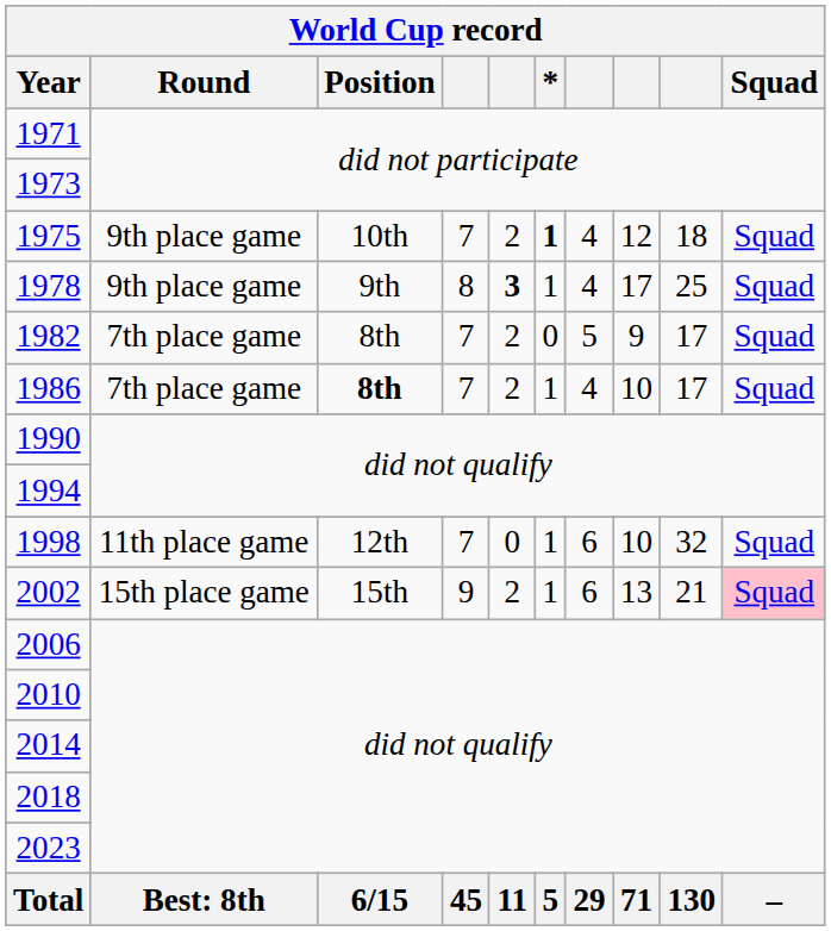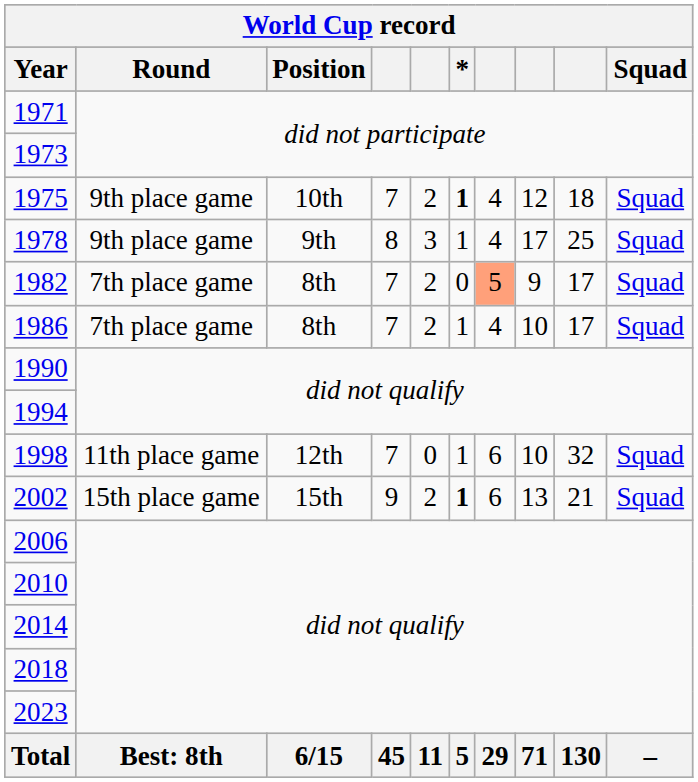 <table class="wikitable" style="text-align: center;">
 <tr>
 <th colspan=10><a href='#'>World Cup</a> record</th>
 </tr>
 <tr>
 <th>Year</th>
 <th>Round</th>
 <th>Position</th>
 <th></th>
 <th></th>
 <th> *</th>
 <th></th>
 <th></th>
 <th></th>
 <th>Squad</th>
 </tr>
 <tr>
 <td> <a href='#'>1971</a></td>
 <td colspan=9 rowspan=2><em>did not participate</em></td>
 </tr>
 <tr>
 <td> <a href='#'>1973</a></td>
 </tr>
 <tr>
 <td> <a href='#'>1975</a></td>
 <td>9th place game</td>
 <td>10th</td>
 <td>7</td>
 <td>2</td>
 <td><strong>1</strong></td>
 <td>4</td>
 <td>12</td>
 <td>18</td>
 <td><a href='#'>Squad</a></td>
 </tr>
 <tr>
 <td> <a href='#'>1978</a></td>
 <td>9th place game</td>
 <td>9th</td>
 <td>8</td>
-<td><strong>3</strong></td>
+<td>3</td>
 <td>1</td>
 <td>4</td>
 <td>17</td>
 <td>25</td>
 <td><a href='#'>Squad</a></td>
 </tr>
 <tr>
 <td> <a href='#'>1982</a></td>
 <td>7th place game</td>
 <td>8th</td>
 <td>7</td>
 <td>2</td>
 <td>0</td>
-<td>5</td>
+<td style="background: lightsalmon;">5</td>
 <td>9</td>
 <td>17</td>
 <td><a href='#'>Squad</a></td>
 </tr>
 <tr>
 <td> <a href='#'>1986</a></td>
 <td>7th place game</td>
-<td><strong>8th</strong></td>
+<td>8th</td>
 <td>7</td>
 <td>2</td>
 <td>1</td>
 <td>4</td>
 <td>10</td>
 <td>17</td>
 <td><a href='#'>Squad</a></td>
 </tr>
 <tr>
 <td> <a href='#'>1990</a></td>
 <td colspan=9 rowspan=2><em>did not qualify</em></td>
 </tr>
 <tr>
 <td> <a href='#'>1994</a></td>
 </tr>
 <tr>
 <td> <a href='#'>1998</a></td>
 <td>11th place game</td>
 <td>12th</td>
 <td>7</td>
 <td>0</td>
 <td>1</td>
 <td>6</td>
 <td>10</td>
 <td>32</td>
 <td><a href='#'>Squad</a></td>
 </tr>
 <tr>
 <td> <a href='#'>2002</a></td>
 <td>15th place game</td>
 <td>15th</td>
 <td>9</td>
 <td>2</td>
-<td>1</td>
+<td><strong>1</strong></td>
 <td>6</td>
 <td>13</td>
 <td>21</td>
-<td style="background: pink;"><a href='#'>Squad</a></td>
+<td><a href='#'>Squad</a></td>
 </tr>
 <tr>
 <td> <a href='#'>2006</a></td>
 <td colspan=9 rowspan=5><em>did not qualify</em></td>
 </tr>
 <tr>
 <td> <a href='#'>2010</a></td>
 </tr>
 <tr>
 <td> <a href='#'>2014</a></td>
 </tr>
 <tr>
 <td> <a href='#'>2018</a></td>
 </tr>
 <tr>
 <td> <a href='#'>2023</a></td>
 </tr>
 <tr>
 <th>Total</th>
 <th>Best: 8th</th>
 <th>6/15</th>
 <th>45</th>
 <th>11</th>
 <th>5</th>
 <th>29</th>
 <th>71</th>
 <th>130</th>
 <th>–</th>
 </tr>
 </table>
